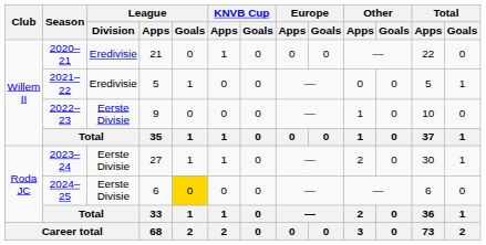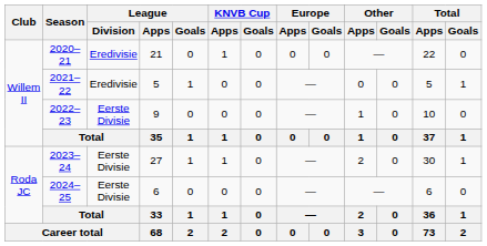 <table class="wikitable" style="text-align:center">
 <tr>
 <th rowspan="2">Club</th>
 <th rowspan="2">Season</th>
 <th colspan="3">League</th>
 <th colspan="2"><a href='#'>KNVB Cup</a></th>
 <th colspan="2">Europe</th>
 <th colspan="2">Other</th>
 <th colspan="2">Total</th>
 </tr>
 <tr>
 <th>Division</th>
 <th>Apps</th>
 <th>Goals</th>
 <th>Apps</th>
 <th>Goals</th>
 <th>Apps</th>
 <th>Goals</th>
 <th>Apps</th>
 <th>Goals</th>
 <th>Apps</th>
 <th>Goals</th>
 </tr>
 <tr>
 <td rowspan="4"><a href='#'>Willem II</a></td>
 <td><a href='#'>2020–21</a></td>
 <td><a href='#'>Eredivisie</a></td>
 <td>21</td>
 <td>0</td>
 <td>1</td>
 <td>0</td>
 <td>0</td>
 <td>0</td>
 <td colspan="2">—</td>
 <td>22</td>
 <td>0</td>
 </tr>
 <tr>
 <td><a href='#'>2021–22</a></td>
 <td>Eredivisie</td>
 <td>5</td>
 <td>1</td>
 <td>0</td>
 <td>0</td>
 <td colspan="2">—</td>
 <td>0</td>
 <td>0</td>
 <td>5</td>
 <td>1</td>
 </tr>
 <tr>
 <td><a href='#'>2022–23</a></td>
 <td><a href='#'>Eerste Divisie</a></td>
 <td>9</td>
 <td>0</td>
 <td>0</td>
 <td>0</td>
 <td colspan="2">—</td>
 <td>1</td>
 <td>0</td>
 <td>10</td>
 <td>0</td>
 </tr>
 <tr>
 <th colspan="2">Total</th>
 <th>35</th>
 <th>1</th>
 <th>1</th>
 <th>0</th>
 <th>0</th>
 <th>0</th>
 <th>1</th>
 <th>0</th>
 <th>37</th>
 <th>1</th>
 </tr>
 <tr>
 <td rowspan="3"><a href='#'>Roda JC</a></td>
 <td><a href='#'>2023–24</a></td>
 <td>Eerste Divisie</td>
 <td>27</td>
 <td>1</td>
 <td>1</td>
 <td>0</td>
 <td colspan="2">—</td>
 <td>2</td>
 <td>0</td>
 <td>30</td>
 <td>1</td>
 </tr>
 <tr>
 <td><a href='#'>2024–25</a></td>
 <td>Eerste Divisie</td>
 <td>6</td>
-<td style="background: gold;">0</td>
+<td>0</td>
 <td>0</td>
 <td>0</td>
 <td colspan="2">—</td>
 <td colspan="2">—</td>
 <td>6</td>
 <td>0</td>
 </tr>
 <tr>
 <th colspan="2">Total</th>
 <th>33</th>
 <th>1</th>
 <th>1</th>
 <th>0</th>
 <th colspan="2">—</th>
 <th>2</th>
 <th>0</th>
 <th>36</th>
 <th>1</th>
 </tr>
 <tr>
 <th colspan="3">Career total</th>
 <th>68</th>
 <th>2</th>
 <th>2</th>
 <th>0</th>
 <th>0</th>
 <th>0</th>
 <th>3</th>
 <th>0</th>
 <th>73</th>
 <th>2</th>
 </tr>
 </table>
